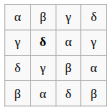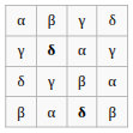 <table class="wikitable" style="margin-left:auto;margin-right:auto;text-align:center;width:8em;height:8em;table-layout:fixed;">
 <tr>
 <td>α</td>
 <td>β</td>
 <td>γ</td>
 <td>δ</td>
 </tr>
 <tr>
 <td>γ</td>
 <td><strong>δ</strong></td>
 <td>α</td>
 <td>γ</td>
 </tr>
 <tr>
 <td>δ</td>
 <td>γ</td>
 <td>β</td>
 <td>α</td>
 </tr>
 <tr>
 <td>β</td>
 <td>α</td>
-<td>δ</td>
+<td><strong>δ</strong></td>
 <td>β</td>
 </tr>
 </table>
